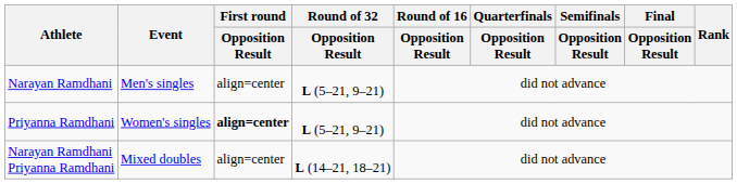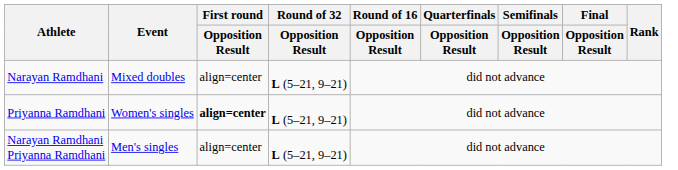 <table class="wikitable" style="font-size:90%">
 <tr>
 <th rowspan="2">Athlete</th>
 <th rowspan="2">Event</th>
 <th>First round</th>
 <th>Round of 32</th>
 <th>Round of 16</th>
 <th>Quarterfinals</th>
 <th>Semifinals</th>
 <th>Final</th>
 <th rowspan="2">Rank</th>
 </tr>
 <tr>
 <th>Opposition<br>Result</th>
 <th>Opposition<br>Result</th>
 <th>Opposition<br>Result</th>
 <th>Opposition<br>Result</th>
 <th>Opposition<br>Result</th>
 <th>Opposition<br>Result</th>
 </tr>
 <tr>
 <td><a href='#'>Narayan Ramdhani</a></td>
-<td><a href='#'>Men's singles</a></td>
+<td><a href='#'>Mixed doubles</a></td>
 <td>align=center </td>
 <td align=center><br><strong>L</strong> (5–21, 9–21)</td>
 <td align=center colspan="5">did not advance</td>
 </tr>
 <tr>
 <td><a href='#'>Priyanna Ramdhani</a></td>
 <td><a href='#'>Women's singles</a></td>
 <td><strong>align=center </strong></td>
 <td align=center><br><strong>L</strong> (5–21, 9–21)</td>
 <td align=center colspan="5">did not advance</td>
 </tr>
 <tr>
 <td><a href='#'>Narayan Ramdhani</a><br><a href='#'>Priyanna Ramdhani</a></td>
-<td><a href='#'>Mixed doubles</a></td>
+<td><a href='#'>Men's singles</a></td>
 <td>align=center </td>
-<td align=center><br><strong>L</strong> (14–21, 18–21)</td>
+<td align=center><br><strong>L</strong> (5–21, 9–21)</td>
 <td align=center colspan="5">did not advance</td>
 </tr>
 </table>
